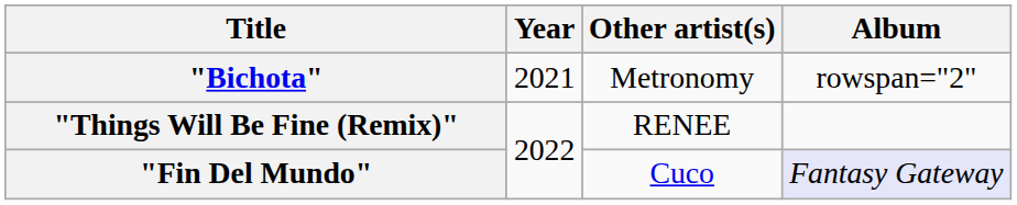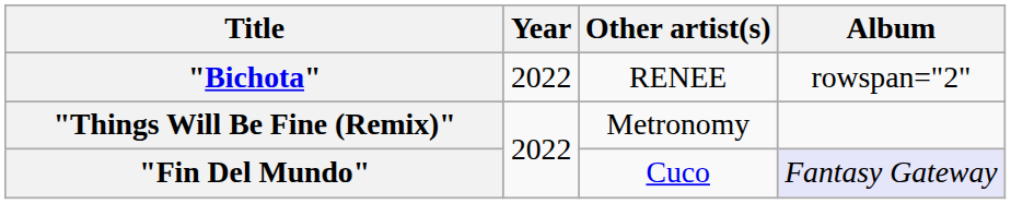 <table class="wikitable plainrowheaders" style="text-align:center">
 <tr>
 <th scope="col" style="width:16em;">Title</th>
 <th scope="col">Year</th>
 <th scope="col">Other artist(s)</th>
 <th scope="col">Album</th>
 </tr>
 <tr>
 <th scope="row">"<a href='#'>Bichota</a>"</th>
-<td>2021</td>
-<td>Metronomy</td>
+<td>2022</td>
+<td>RENEE</td>
 <td>rowspan="2" </td>
 </tr>
 <tr>
 <th scope="row">"Things Will Be Fine (Remix)"</th>
 <td rowspan="2">2022</td>
-<td>RENEE</td>
+<td>Metronomy</td>
 </tr>
 <tr>
 <th scope="row">"Fin Del Mundo"</th>
 <td><a href='#'>Cuco</a></td>
 <td style="background: lavender;"><em>Fantasy Gateway</em></td>
 </tr>
 </table>
